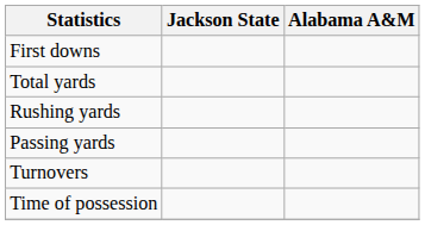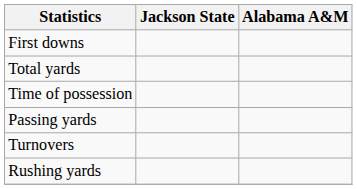 <table class="wikitable">
 <tr>
 <th>Statistics</th>
 <th>Jackson State</th>
 <th>Alabama A&M</th>
 </tr>
 <tr>
 <td>First downs</td>
 <td></td>
 <td> </td>
 </tr>
 <tr>
 <td>Total yards</td>
 <td></td>
 <td> </td>
 </tr>
 <tr>
-<td>Rushing yards</td>
+<td>Time of possession</td>
 <td></td>
 <td> </td>
 </tr>
 <tr>
 <td>Passing yards</td>
 <td></td>
 <td> </td>
 </tr>
 <tr>
 <td>Turnovers</td>
 <td></td>
 <td> </td>
 </tr>
 <tr>
-<td>Time of possession</td>
+<td>Rushing yards</td>
 <td></td>
 <td> </td>
 </tr>
 <tr>
 </tr>
 </table>
